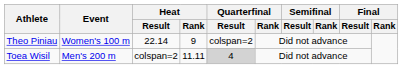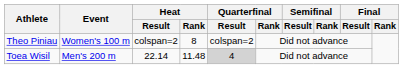 <table class="wikitable" style="font-size:90%">
 <tr>
 <th rowspan="2">Athlete</th>
 <th rowspan="2">Event</th>
 <th colspan="2">Heat</th>
 <th colspan="2">Quarterfinal</th>
 <th colspan="2">Semifinal</th>
 <th colspan="2">Final</th>
 </tr>
 <tr style="font-size:95%">
 <th>Result</th>
 <th>Rank</th>
 <th>Result</th>
 <th>Rank</th>
 <th>Result</th>
 <th>Rank</th>
 <th>Result</th>
 <th>Rank</th>
 </tr>
 <tr align=center>
 <td align=left><a href='#'>Theo Piniau</a></td>
 <td align=left><a href='#'>Women's 100 m</a></td>
-<td>22.14</td>
-<td>9</td>
+<td>colspan=2 </td>
+<td>8</td>
 <td>colspan=2 </td>
 <td colspan=4>Did not advance</td>
 </tr>
 <tr align=center>
 <td align=left><a href='#'>Toea Wisil</a></td>
 <td align=left><a href='#'>Men's 200 m</a></td>
-<td>colspan=2 </td>
-<td>11.11</td>
+<td>22.14</td>
+<td>11.48</td>
 <td style="background: lightgrey;">4</td>
 <td colspan=4>Did not advance</td>
 </tr>
 </table>
